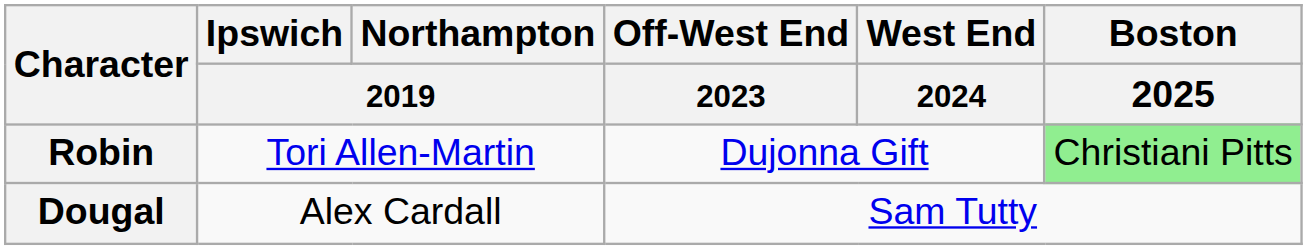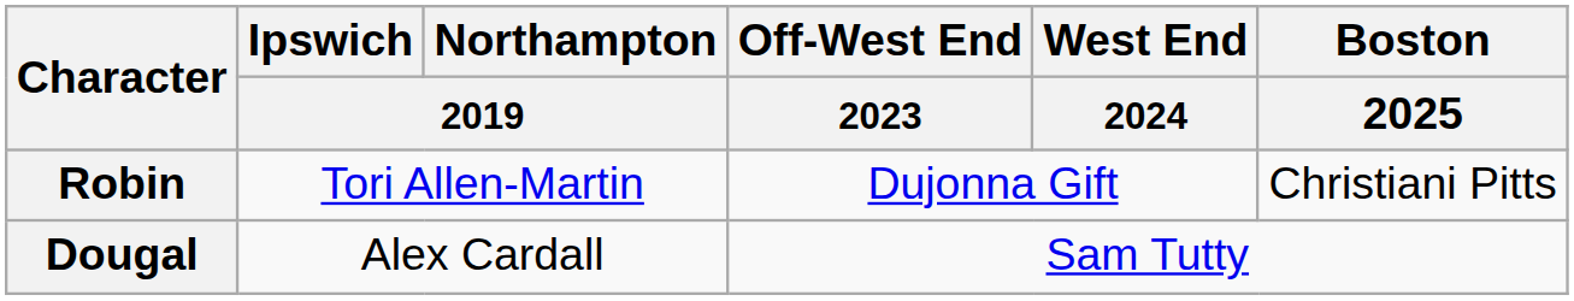 <table class="wikitable">
 <tr>
 <th rowspan="2">Character</th>
 <th>Ipswich</th>
 <th>Northampton</th>
 <th>Off-West End</th>
 <th>West End</th>
 <th>Boston</th>
 </tr>
 <tr>
 <th colspan="2"><small>2019</small></th>
 <th><small>2023</small></th>
 <th><small>2024</small></th>
 <th>2025</th>
 </tr>
 <tr>
 <th>Robin</th>
 <td colspan="2" align=center><a href='#'>Tori Allen-Martin</a></td>
 <td colspan="2" align="center"><a href='#'>Dujonna Gift</a></td>
-<td style="background: lightgreen;">Christiani Pitts</td>
+<td>Christiani Pitts</td>
 </tr>
 <tr>
 <th>Dougal</th>
 <td colspan="2" align=center>Alex Cardall</td>
 <td colspan="3" align="center"><a href='#'>Sam Tutty</a></td>
 </tr>
 </table>
